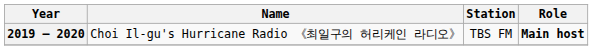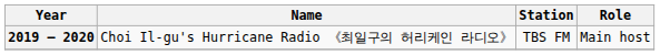 <table class="wikitable sortable plainrowheaders" style="text-align:center;" border="1">
 <tr>
 <th scope="col">Year</th>
 <th scope="col">Name</th>
 <th scope="col">Station</th>
 <th scope="col">Role</th>
 </tr>
 <tr>
 <th scope="row">2019 – 2020</th>
 <td>Choi Il-gu's Hurricane Radio 《최일구의 허리케인 라디오》</td>
 <td>TBS FM</td>
-<td><strong>Main host</strong></td>
+<td>Main host</td>
 </tr>
 <tr>
 </tr>
 </table>
